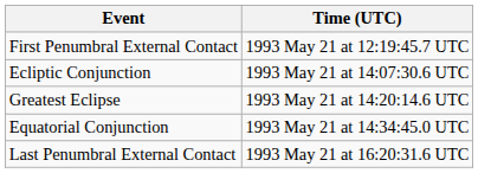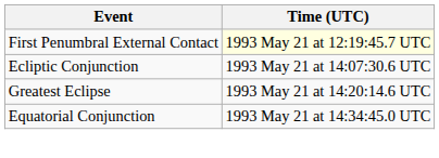 <table class="wikitable">
 <tr>
 <th>Event</th>
 <th>Time (UTC)</th>
 </tr>
 <tr>
 <td>First Penumbral External Contact</td>
-<td>1993 May 21 at 12:19:45.7 UTC</td>
+<td style="background: lightyellow;">1993 May 21 at 12:19:45.7 UTC</td>
 </tr>
 <tr>
 <td>Ecliptic Conjunction</td>
 <td>1993 May 21 at 14:07:30.6 UTC</td>
 </tr>
 <tr>
 <td>Greatest Eclipse</td>
 <td>1993 May 21 at 14:20:14.6 UTC</td>
 </tr>
 <tr>
 <td>Equatorial Conjunction</td>
 <td>1993 May 21 at 14:34:45.0 UTC</td>
 </tr>
-<tr>
-<td>Last Penumbral External Contact</td>
-<td>1993 May 21 at 16:20:31.6 UTC</td>
-</tr>
 </table>
